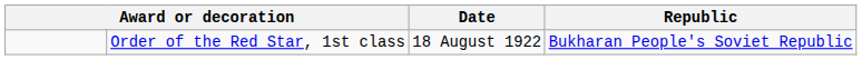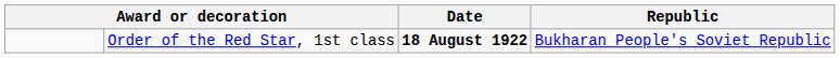 <table class="wikitable">
 <tr>
 <th colspan="2">Award or decoration</th>
 <th>Date</th>
 <th>Republic</th>
 </tr>
 <tr>
 <td width="80px"></td>
 <td><a href='#'>Order of the Red Star</a>, 1st class</td>
-<td>18 August 1922</td>
+<td><strong>18 August 1922</strong></td>
 <td><a href='#'>Bukharan People's Soviet Republic</a></td>
 </tr>
 </table>
